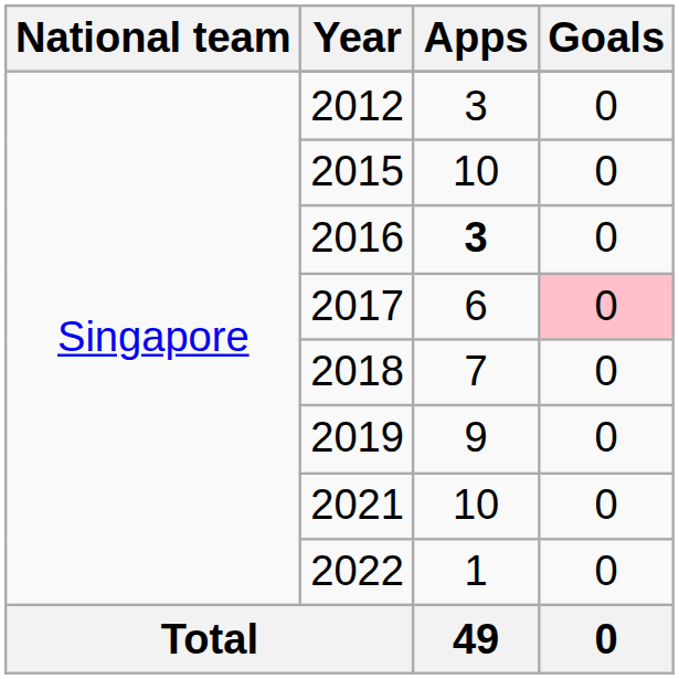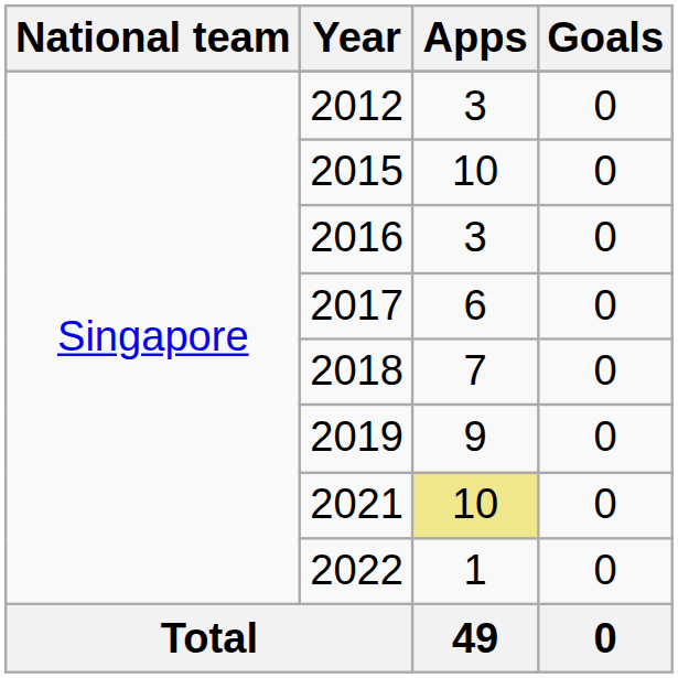 <table class="wikitable" style="text-align:center">
 <tr>
 <th>National team</th>
 <th>Year</th>
 <th>Apps</th>
 <th>Goals</th>
 </tr>
 <tr>
 <td rowspan="9"><a href='#'>Singapore</a></td>
 </tr>
 <tr>
 <td>2012</td>
 <td>3</td>
 <td>0</td>
 </tr>
 <tr>
 <td>2015</td>
 <td>10</td>
 <td>0</td>
 </tr>
 <tr>
 <td>2016</td>
-<td><strong>3</strong></td>
+<td>3</td>
 <td>0</td>
 </tr>
 <tr>
 <td>2017</td>
 <td>6</td>
-<td style="background: pink;">0</td>
+<td>0</td>
 </tr>
 <tr>
 <td>2018</td>
 <td>7</td>
 <td>0</td>
 </tr>
 <tr>
 <td>2019</td>
 <td>9</td>
 <td>0</td>
 </tr>
 <tr>
 <td>2021</td>
-<td>10</td>
+<td style="background: khaki;">10</td>
 <td>0</td>
 </tr>
 <tr>
 <td>2022</td>
 <td>1</td>
 <td>0</td>
 </tr>
 <tr>
 <th colspan="2">Total</th>
 <th>49</th>
 <th>0</th>
 </tr>
 </table>
